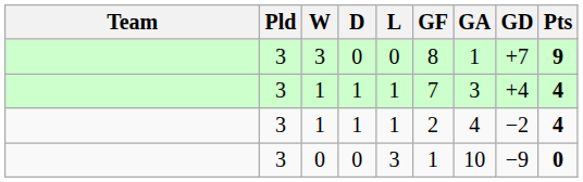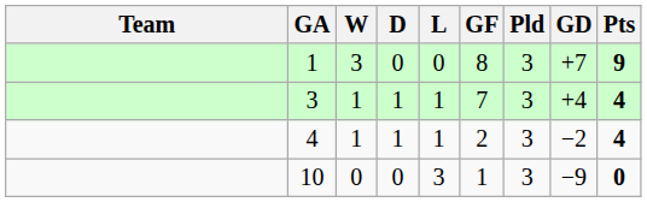 <table class="wikitable" style="text-align:center;">
 <tr>
 <th width=180>Team</th>
-<th width=20>Pld</th>
+<th width=20>GA</th>
 <th width=20>W</th>
 <th width=20>D</th>
 <th width=20>L</th>
 <th width=20>GF</th>
-<th width=20>GA</th>
+<th width=20>Pld</th>
 <th width=20>GD</th>
 <th width=20>Pts</th>
 </tr>
 <tr bgcolor=ccffcc>
 <td align="left"><em></em></td>
-<td>3</td>
+<td>1</td>
 <td>3</td>
 <td>0</td>
 <td>0</td>
 <td>8</td>
-<td>1</td>
+<td>3</td>
 <td>+7</td>
 <td><strong>9</strong></td>
 </tr>
 <tr bgcolor=ccffcc>
 <td align="left"></td>
 <td>3</td>
 <td>1</td>
 <td>1</td>
 <td>1</td>
 <td>7</td>
 <td>3</td>
 <td>+4</td>
 <td><strong>4</strong></td>
 </tr>
 <tr>
 <td align="left"></td>
-<td>3</td>
+<td>4</td>
 <td>1</td>
 <td>1</td>
 <td>1</td>
 <td>2</td>
-<td>4</td>
+<td>3</td>
 <td>−2</td>
 <td><strong>4</strong></td>
 </tr>
 <tr>
 <td align="left"></td>
-<td>3</td>
+<td>10</td>
 <td>0</td>
 <td>0</td>
 <td>3</td>
 <td>1</td>
-<td>10</td>
+<td>3</td>
 <td>−9</td>
 <td><strong>0</strong></td>
 </tr>
 </table>
